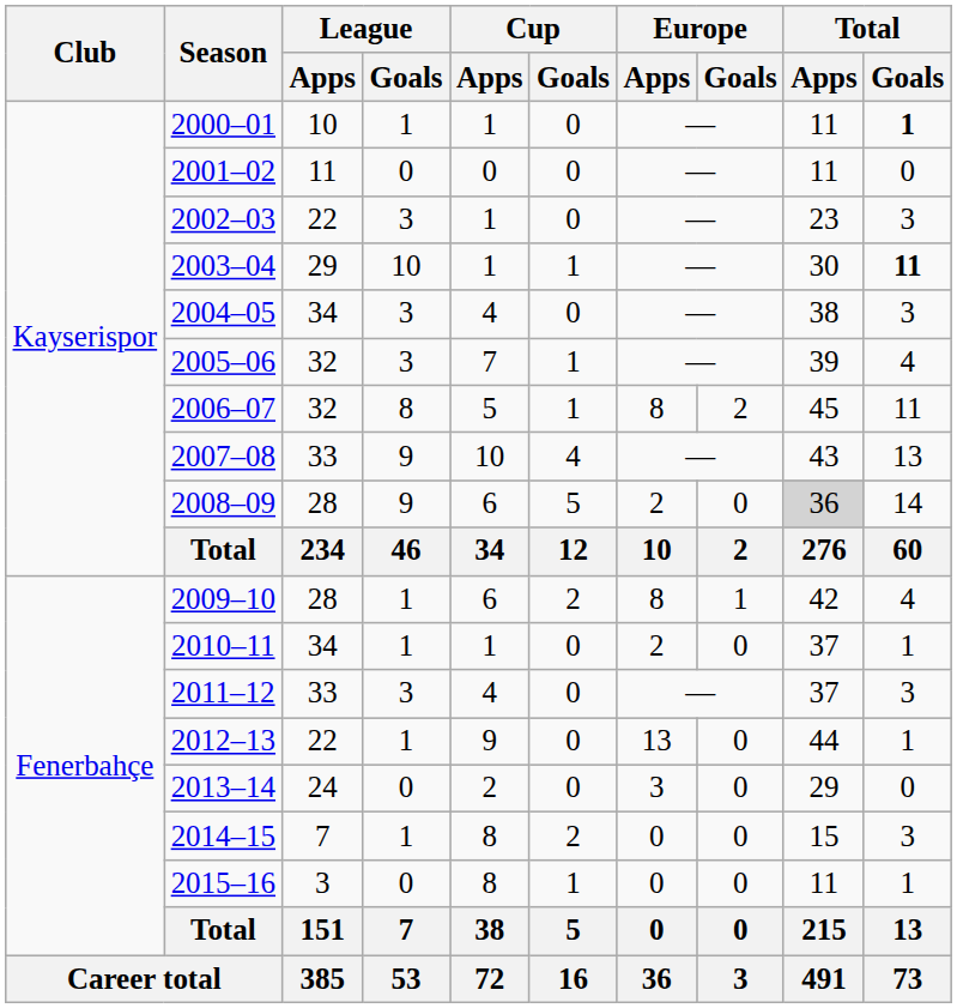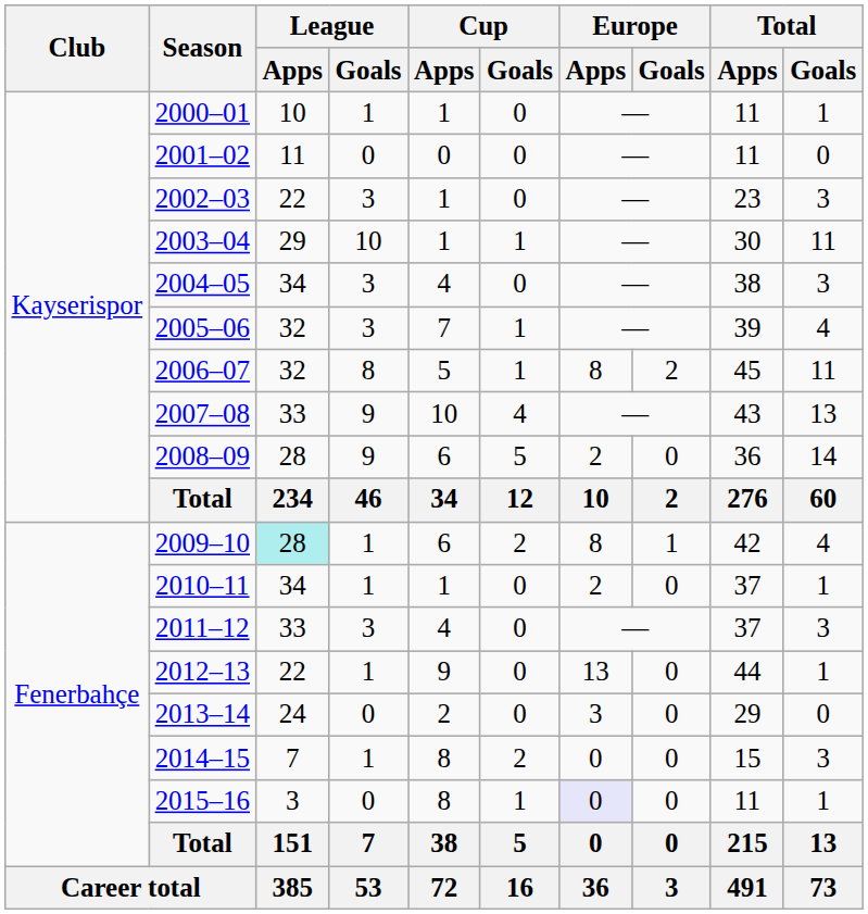 <table class="wikitable" style="text-align:center">
 <tr>
 <th rowspan="2">Club</th>
 <th rowspan="2">Season</th>
 <th colspan="2">League</th>
 <th colspan="2">Cup</th>
 <th colspan="2">Europe</th>
 <th colspan="3">Total</th>
 </tr>
 <tr>
 <th>Apps</th>
 <th>Goals</th>
 <th>Apps</th>
 <th>Goals</th>
 <th>Apps</th>
 <th>Goals</th>
 <th>Apps</th>
 <th>Goals</th>
 </tr>
 <tr>
 <td rowspan="10"><a href='#'>Kayserispor</a></td>
 <td><a href='#'>2000–01</a></td>
 <td>10</td>
 <td>1</td>
 <td>1</td>
 <td>0</td>
 <td colspan="2">—</td>
 <td>11</td>
-<td><strong>1</strong></td>
+<td>1</td>
 </tr>
 <tr>
 <td><a href='#'>2001–02</a></td>
 <td>11</td>
 <td>0</td>
 <td>0</td>
 <td>0</td>
 <td colspan="2">—</td>
 <td>11</td>
 <td>0</td>
 </tr>
 <tr>
 <td><a href='#'>2002–03</a></td>
 <td>22</td>
 <td>3</td>
 <td>1</td>
 <td>0</td>
 <td colspan="2">—</td>
 <td>23</td>
 <td>3</td>
 </tr>
 <tr>
 <td><a href='#'>2003–04</a></td>
 <td>29</td>
 <td>10</td>
 <td>1</td>
 <td>1</td>
 <td colspan="2">—</td>
 <td>30</td>
-<td><strong>11</strong></td>
+<td>11</td>
 </tr>
 <tr>
 <td><a href='#'>2004–05</a></td>
 <td>34</td>
 <td>3</td>
 <td>4</td>
 <td>0</td>
 <td colspan="2">—</td>
 <td>38</td>
 <td>3</td>
 </tr>
 <tr>
 <td><a href='#'>2005–06</a></td>
 <td>32</td>
 <td>3</td>
 <td>7</td>
 <td>1</td>
 <td colspan="2">—</td>
 <td>39</td>
 <td>4</td>
 </tr>
 <tr>
 <td><a href='#'>2006–07</a></td>
 <td>32</td>
 <td>8</td>
 <td>5</td>
 <td>1</td>
 <td>8</td>
 <td>2</td>
 <td>45</td>
 <td>11</td>
 </tr>
 <tr>
 <td><a href='#'>2007–08</a></td>
 <td>33</td>
 <td>9</td>
 <td>10</td>
 <td>4</td>
 <td colspan="2">—</td>
 <td>43</td>
 <td>13</td>
 </tr>
 <tr>
 <td><a href='#'>2008–09</a></td>
 <td>28</td>
 <td>9</td>
 <td>6</td>
 <td>5</td>
 <td>2</td>
 <td>0</td>
-<td style="background: lightgrey;">36</td>
+<td>36</td>
 <td>14</td>
 </tr>
 <tr>
 <th>Total</th>
 <th>234</th>
 <th>46</th>
 <th>34</th>
 <th>12</th>
 <th>10</th>
 <th>2</th>
 <th>276</th>
 <th>60</th>
 </tr>
 <tr>
 <td rowspan="8"><a href='#'>Fenerbahçe</a></td>
 <td><a href='#'>2009–10</a></td>
-<td>28</td>
+<td style="background: paleturquoise;">28</td>
 <td>1</td>
 <td>6</td>
 <td>2</td>
 <td>8</td>
 <td>1</td>
 <td>42</td>
 <td>4</td>
 </tr>
 <tr>
 <td><a href='#'>2010–11</a></td>
 <td>34</td>
 <td>1</td>
 <td>1</td>
 <td>0</td>
 <td>2</td>
 <td>0</td>
 <td>37</td>
 <td>1</td>
 </tr>
 <tr>
 <td><a href='#'>2011–12</a></td>
 <td>33</td>
 <td>3</td>
 <td>4</td>
 <td>0</td>
 <td colspan="2">—</td>
 <td>37</td>
 <td>3</td>
 </tr>
 <tr>
 <td><a href='#'>2012–13</a></td>
 <td>22</td>
 <td>1</td>
 <td>9</td>
 <td>0</td>
 <td>13</td>
 <td>0</td>
 <td>44</td>
 <td>1</td>
 </tr>
 <tr>
 <td><a href='#'>2013–14</a></td>
 <td>24</td>
 <td>0</td>
 <td>2</td>
 <td>0</td>
 <td>3</td>
 <td>0</td>
 <td>29</td>
 <td>0</td>
 </tr>
 <tr>
 <td><a href='#'>2014–15</a></td>
 <td>7</td>
 <td>1</td>
 <td>8</td>
 <td>2</td>
 <td>0</td>
 <td>0</td>
 <td>15</td>
 <td>3</td>
 </tr>
 <tr>
 <td><a href='#'>2015–16</a></td>
 <td>3</td>
 <td>0</td>
 <td>8</td>
 <td>1</td>
-<td>0</td>
+<td style="background: lavender;">0</td>
 <td>0</td>
 <td>11</td>
 <td>1</td>
 </tr>
 <tr>
 <th>Total</th>
 <th>151</th>
 <th>7</th>
 <th>38</th>
 <th>5</th>
 <th>0</th>
 <th>0</th>
 <th>215</th>
 <th>13</th>
 </tr>
 <tr>
 <th colspan="2">Career total</th>
 <th>385</th>
 <th>53</th>
 <th>72</th>
 <th>16</th>
 <th>36</th>
 <th>3</th>
 <th>491</th>
 <th>73</th>
 </tr>
 </table>
